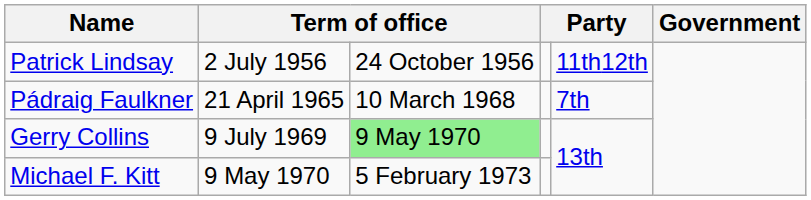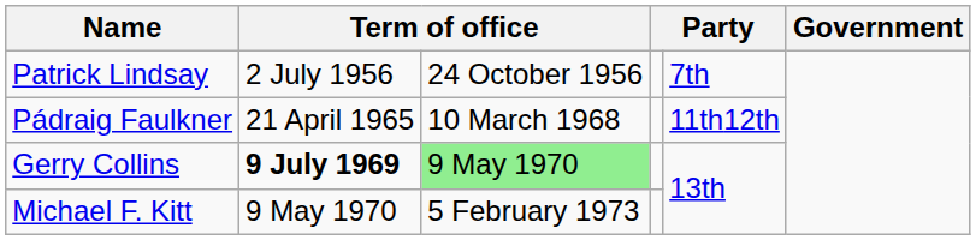 <table class="wikitable">
 <tr>
 <th>Name</th>
 <th colspan="2">Term of office</th>
 <th colspan="2">Party</th>
 <th>Government</th>
 </tr>
 <tr>
 <td><a href='#'>Patrick Lindsay</a></td>
 <td>2 July 1956</td>
 <td>24 October 1956</td>
 <td></td>
-<td><a href='#'>11th</a><a href='#'>12th</a></td>
+<td><a href='#'>7th</a></td>
 </tr>
 <tr>
 <td><a href='#'>Pádraig Faulkner</a></td>
 <td>21 April 1965</td>
 <td>10 March 1968</td>
 <td></td>
-<td><a href='#'>7th</a></td>
+<td><a href='#'>11th</a><a href='#'>12th</a></td>
 </tr>
 <tr>
 <td><a href='#'>Gerry Collins</a></td>
-<td>9 July 1969</td>
+<td><strong>9 July 1969</strong></td>
 <td style="background: lightgreen;">9 May 1970</td>
 <td></td>
 <td rowspan=2><a href='#'>13th</a></td>
 </tr>
 <tr>
 <td><a href='#'>Michael F. Kitt</a></td>
 <td>9 May 1970</td>
 <td>5 February 1973</td>
 <td></td>
 </tr>
 </table>
